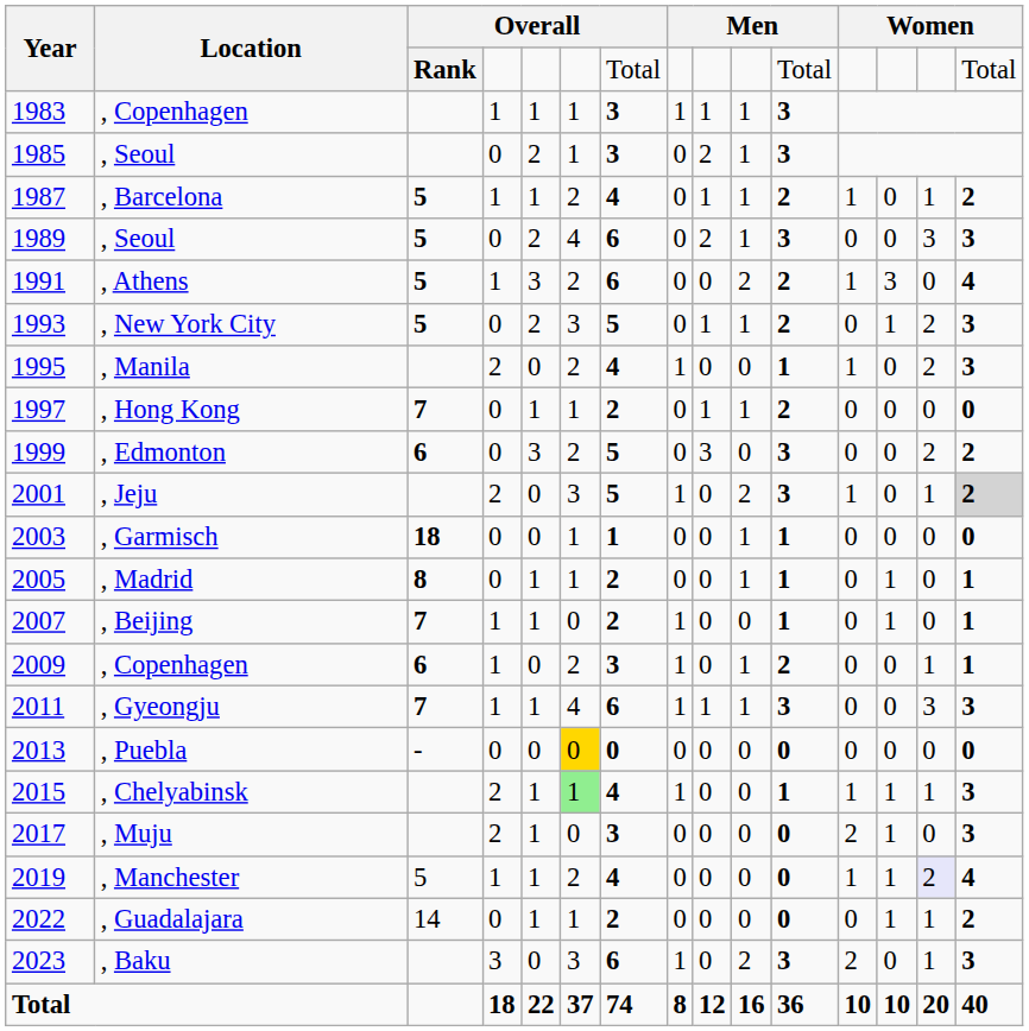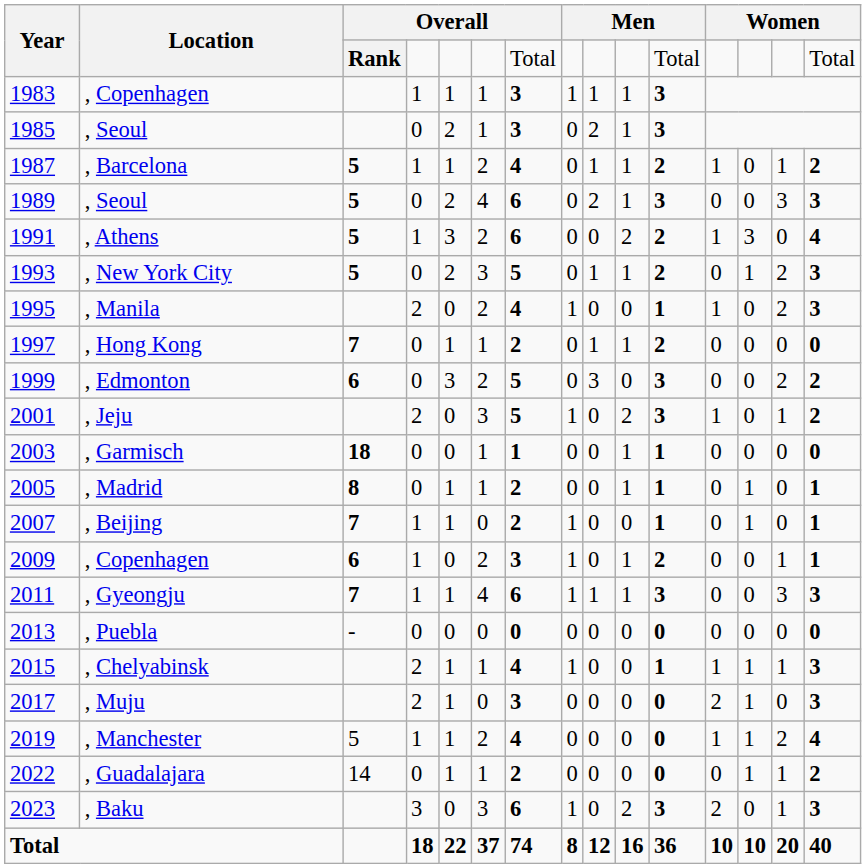 <table class="wikitable">
 <tr>
 <th rowspan=2 width="10%">Year</th>
 <th rowspan=2 width="40%">Location</th>
 <th colspan=5>Overall</th>
 <th colspan=4>Men</th>
 <th colspan=4>Women</th>
 </tr>
 <tr>
 <th>Rank</th>
 <td></td>
 <td></td>
 <td></td>
 <td>Total</td>
 <td></td>
 <td></td>
 <td></td>
 <td>Total</td>
 <td></td>
 <td></td>
 <td></td>
 <td>Total</td>
 </tr>
 <tr>
 <td><a href='#'>1983</a></td>
 <td>, <a href='#'>Copenhagen</a></td>
 <td></td>
 <td>1</td>
 <td>1</td>
 <td>1</td>
 <td><strong>3</strong></td>
 <td>1</td>
 <td>1</td>
 <td>1</td>
 <td><strong>3</strong></td>
 <td colspan=4></td>
 </tr>
 <tr>
 <td><a href='#'>1985</a></td>
 <td>, <a href='#'>Seoul</a></td>
 <td></td>
 <td>0</td>
 <td>2</td>
 <td>1</td>
 <td><strong>3</strong></td>
 <td>0</td>
 <td>2</td>
 <td>1</td>
 <td><strong>3</strong></td>
 <td colspan=4></td>
 </tr>
 <tr>
 <td><a href='#'>1987</a></td>
 <td>, <a href='#'>Barcelona</a></td>
 <td><strong>5</strong></td>
 <td>1</td>
 <td>1</td>
 <td>2</td>
 <td><strong>4</strong></td>
 <td>0</td>
 <td>1</td>
 <td>1</td>
 <td><strong>2</strong></td>
 <td>1</td>
 <td>0</td>
 <td>1</td>
 <td><strong>2</strong></td>
 </tr>
 <tr>
 <td><a href='#'>1989</a></td>
 <td>, <a href='#'>Seoul</a></td>
 <td><strong>5</strong></td>
 <td>0</td>
 <td>2</td>
 <td>4</td>
 <td><strong>6</strong></td>
 <td>0</td>
 <td>2</td>
 <td>1</td>
 <td><strong>3</strong></td>
 <td>0</td>
 <td>0</td>
 <td>3</td>
 <td><strong>3</strong></td>
 </tr>
 <tr>
 <td><a href='#'>1991</a></td>
 <td>, <a href='#'>Athens</a></td>
 <td><strong>5</strong></td>
 <td>1</td>
 <td>3</td>
 <td>2</td>
 <td><strong>6</strong></td>
 <td>0</td>
 <td>0</td>
 <td>2</td>
 <td><strong>2</strong></td>
 <td>1</td>
 <td>3</td>
 <td>0</td>
 <td><strong>4</strong></td>
 </tr>
 <tr>
 <td><a href='#'>1993</a></td>
 <td>, <a href='#'>New York City</a></td>
 <td><strong>5</strong></td>
 <td>0</td>
 <td>2</td>
 <td>3</td>
 <td><strong>5</strong></td>
 <td>0</td>
 <td>1</td>
 <td>1</td>
 <td><strong>2</strong></td>
 <td>0</td>
 <td>1</td>
 <td>2</td>
 <td><strong>3</strong></td>
 </tr>
 <tr>
 <td><a href='#'>1995</a></td>
 <td>, <a href='#'>Manila</a></td>
 <td></td>
 <td>2</td>
 <td>0</td>
 <td>2</td>
 <td><strong>4</strong></td>
 <td>1</td>
 <td>0</td>
 <td>0</td>
 <td><strong>1</strong></td>
 <td>1</td>
 <td>0</td>
 <td>2</td>
 <td><strong>3</strong></td>
 </tr>
 <tr>
 <td><a href='#'>1997</a></td>
 <td>, <a href='#'>Hong Kong</a></td>
 <td><strong>7</strong></td>
 <td>0</td>
 <td>1</td>
 <td>1</td>
 <td><strong>2</strong></td>
 <td>0</td>
 <td>1</td>
 <td>1</td>
 <td><strong>2</strong></td>
 <td>0</td>
 <td>0</td>
 <td>0</td>
 <td><strong>0</strong></td>
 </tr>
 <tr>
 <td><a href='#'>1999</a></td>
 <td>, <a href='#'>Edmonton</a></td>
 <td><strong>6</strong></td>
 <td>0</td>
 <td>3</td>
 <td>2</td>
 <td><strong>5</strong></td>
 <td>0</td>
 <td>3</td>
 <td>0</td>
 <td><strong>3</strong></td>
 <td>0</td>
 <td>0</td>
 <td>2</td>
 <td><strong>2</strong></td>
 </tr>
 <tr>
 <td><a href='#'>2001</a></td>
 <td>, <a href='#'>Jeju</a></td>
 <td></td>
 <td>2</td>
 <td>0</td>
 <td>3</td>
 <td><strong>5</strong></td>
 <td>1</td>
 <td>0</td>
 <td>2</td>
 <td><strong>3</strong></td>
 <td>1</td>
 <td>0</td>
 <td>1</td>
-<td style="background: lightgrey;"><strong>2</strong></td>
+<td><strong>2</strong></td>
 </tr>
 <tr>
 <td><a href='#'>2003</a></td>
 <td>, <a href='#'>Garmisch</a></td>
 <td><strong>18</strong></td>
 <td>0</td>
 <td>0</td>
 <td>1</td>
 <td><strong>1</strong></td>
 <td>0</td>
 <td>0</td>
 <td>1</td>
 <td><strong>1</strong></td>
 <td>0</td>
 <td>0</td>
 <td>0</td>
 <td><strong>0</strong></td>
 </tr>
 <tr>
 <td><a href='#'>2005</a></td>
 <td>, <a href='#'>Madrid</a></td>
 <td><strong>8</strong></td>
 <td>0</td>
 <td>1</td>
 <td>1</td>
 <td><strong>2</strong></td>
 <td>0</td>
 <td>0</td>
 <td>1</td>
 <td><strong>1</strong></td>
 <td>0</td>
 <td>1</td>
 <td>0</td>
 <td><strong>1</strong></td>
 </tr>
 <tr>
 <td><a href='#'>2007</a></td>
 <td>, <a href='#'>Beijing</a></td>
 <td><strong>7</strong></td>
 <td>1</td>
 <td>1</td>
 <td>0</td>
 <td><strong>2</strong></td>
 <td>1</td>
 <td>0</td>
 <td>0</td>
 <td><strong>1</strong></td>
 <td>0</td>
 <td>1</td>
 <td>0</td>
 <td><strong>1</strong></td>
 </tr>
 <tr>
 <td><a href='#'>2009</a></td>
 <td>, <a href='#'>Copenhagen</a></td>
 <td><strong>6</strong></td>
 <td>1</td>
 <td>0</td>
 <td>2</td>
 <td><strong>3</strong></td>
 <td>1</td>
 <td>0</td>
 <td>1</td>
 <td><strong>2</strong></td>
 <td>0</td>
 <td>0</td>
 <td>1</td>
 <td><strong>1</strong></td>
 </tr>
 <tr>
 <td><a href='#'>2011</a></td>
 <td>, <a href='#'>Gyeongju</a></td>
 <td><strong>7</strong></td>
 <td>1</td>
 <td>1</td>
 <td>4</td>
 <td><strong>6</strong></td>
 <td>1</td>
 <td>1</td>
 <td>1</td>
 <td><strong>3</strong></td>
 <td>0</td>
 <td>0</td>
 <td>3</td>
 <td><strong>3</strong></td>
 </tr>
 <tr>
 <td><a href='#'>2013</a></td>
 <td>, <a href='#'>Puebla</a></td>
 <td>-</td>
 <td>0</td>
 <td>0</td>
-<td style="background: gold;">0</td>
+<td>0</td>
 <td><strong>0</strong></td>
 <td>0</td>
 <td>0</td>
 <td>0</td>
 <td><strong>0</strong></td>
 <td>0</td>
 <td>0</td>
 <td>0</td>
 <td><strong>0</strong></td>
 </tr>
 <tr>
 <td><a href='#'>2015</a></td>
 <td>, <a href='#'>Chelyabinsk</a></td>
 <td></td>
 <td>2</td>
 <td>1</td>
-<td style="background: lightgreen;">1</td>
+<td>1</td>
 <td><strong>4</strong></td>
 <td>1</td>
 <td>0</td>
 <td>0</td>
 <td><strong>1</strong></td>
 <td>1</td>
 <td>1</td>
 <td>1</td>
 <td><strong>3</strong></td>
 </tr>
 <tr>
 <td><a href='#'>2017</a></td>
 <td>, <a href='#'>Muju</a></td>
 <td></td>
 <td>2</td>
 <td>1</td>
 <td>0</td>
 <td><strong>3</strong></td>
 <td>0</td>
 <td>0</td>
 <td>0</td>
 <td><strong>0</strong></td>
 <td>2</td>
 <td>1</td>
 <td>0</td>
 <td><strong>3</strong></td>
 </tr>
 <tr>
 <td><a href='#'>2019</a></td>
 <td>, <a href='#'>Manchester</a></td>
 <td>5</td>
 <td>1</td>
 <td>1</td>
 <td>2</td>
 <td><strong>4</strong></td>
 <td>0</td>
 <td>0</td>
 <td>0</td>
 <td><strong>0</strong></td>
 <td>1</td>
 <td>1</td>
-<td style="background: lavender;">2</td>
+<td>2</td>
 <td><strong>4</strong></td>
 </tr>
 <tr>
 <td><a href='#'>2022</a></td>
 <td>, <a href='#'>Guadalajara</a></td>
 <td>14</td>
 <td>0</td>
 <td>1</td>
 <td>1</td>
 <td><strong>2</strong></td>
 <td>0</td>
 <td>0</td>
 <td>0</td>
 <td><strong>0</strong></td>
 <td>0</td>
 <td>1</td>
 <td>1</td>
 <td><strong>2</strong></td>
 </tr>
 <tr>
 <td><a href='#'>2023</a></td>
 <td>, <a href='#'>Baku</a></td>
 <td></td>
 <td>3</td>
 <td>0</td>
 <td>3</td>
 <td><strong>6</strong></td>
 <td>1</td>
 <td>0</td>
 <td>2</td>
 <td><strong>3</strong></td>
 <td>2</td>
 <td>0</td>
 <td>1</td>
 <td><strong>3</strong></td>
 </tr>
 <tr>
 <td colspan=2><strong>Total</strong></td>
 <td></td>
 <td><strong>18</strong></td>
 <td><strong>22</strong></td>
 <td><strong>37</strong></td>
 <td><strong>74</strong></td>
 <td><strong>8</strong></td>
 <td><strong>12</strong></td>
 <td><strong>16</strong></td>
 <td><strong>36</strong></td>
 <td><strong>10</strong></td>
 <td><strong>10</strong></td>
 <td><strong>20</strong></td>
 <td><strong>40</strong></td>
 </tr>
 </table>
